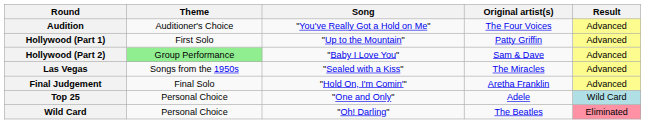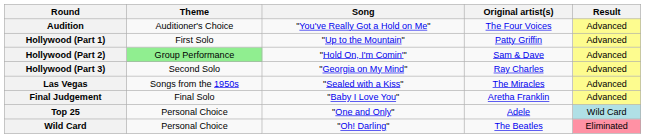 <table class="wikitable" style="font-size:90%; width:80%; text-align:center">
 <tr>
 <th scope="col">Round</th>
 <th scope="col">Theme</th>
 <th scope="col">Song</th>
 <th scope="col">Original artist(s)</th>
 <th scope="col">Result</th>
 </tr>
 <tr>
 <th scope="row">Audition</th>
 <td>Auditioner's Choice</td>
 <td>"<a href='#'>You've Really Got a Hold on Me</a>"</td>
 <td><a href='#'>The Four Voices</a></td>
 <td style="background:#FDFC8F">Advanced</td>
 </tr>
 <tr>
 <th scope="row">Hollywood (Part 1)</th>
 <td>First Solo</td>
 <td>"<a href='#'>Up to the Mountain</a>"</td>
 <td><a href='#'>Patty Griffin</a></td>
 <td style="background:#FDFC8F">Advanced</td>
 </tr>
 <tr>
 <th scope="row">Hollywood (Part 2)</th>
 <td style="background: lightgreen;">Group Performance</td>
-<td>"<a href='#'>Baby I Love You</a>"</td>
+<td>"<a href='#'>Hold On, I'm Comin'</a>"</td>
 <td><a href='#'>Sam & Dave</a></td>
+<td style="background:#FDFC8F">Advanced</td>
+</tr>
+<tr>
+<th scope="row">Hollywood (Part 3)</th>
+<td>Second Solo</td>
+<td>"<a href='#'>Georgia on My Mind</a>"</td>
+<td><a href='#'>Ray Charles</a></td>
 <td style="background:#FDFC8F">Advanced</td>
 </tr>
 <tr>
 <th scope="row">Las Vegas</th>
 <td>Songs from the <a href='#'>1950s</a></td>
 <td>"<a href='#'>Sealed with a Kiss</a>"</td>
 <td><a href='#'>The Miracles</a></td>
 <td style="background:#FDFC8F">Advanced</td>
 </tr>
 <tr>
 <th scope="row">Final Judgement</th>
 <td>Final Solo</td>
-<td>"<a href='#'>Hold On, I'm Comin'</a>"</td>
+<td>"<a href='#'>Baby I Love You</a>"</td>
 <td><a href='#'>Aretha Franklin</a></td>
 <td style="background:#FDFC8F">Advanced</td>
 </tr>
 <tr>
 <th scope="row">Top 25</th>
 <td>Personal Choice</td>
 <td>"<a href='#'>One and Only</a>"</td>
 <td><a href='#'>Adele</a></td>
 <td style="background:#B0E0E6">Wild Card</td>
 </tr>
 <tr>
 <th scope="row" rowspan="2">Wild Card</th>
 <td>Personal Choice</td>
 <td>"<a href='#'>Oh! Darling</a>"</td>
 <td><a href='#'>The Beatles</a></td>
 <td style="background:#FF91A4">Eliminated</td>
 </tr>
 </table>
